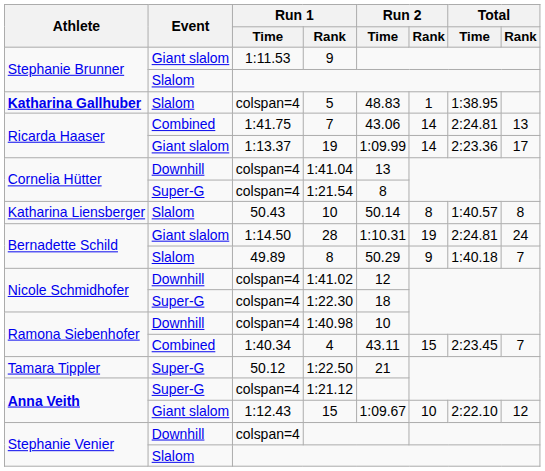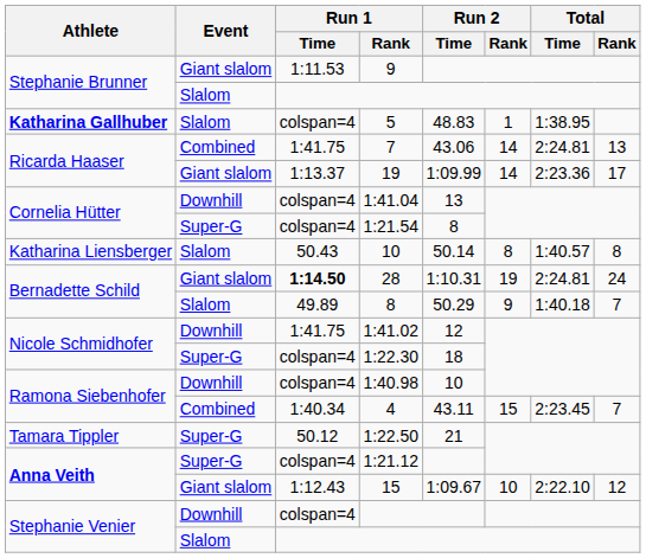 <table class="wikitable" style="font-size:90%">
 <tr>
 <th rowspan=2>Athlete</th>
 <th rowspan=2>Event</th>
 <th colspan=2>Run 1</th>
 <th colspan=2>Run 2</th>
 <th colspan=2>Total</th>
 </tr>
 <tr style="font-size:95%">
 <th>Time</th>
 <th>Rank</th>
 <th>Time</th>
 <th>Rank</th>
 <th>Time</th>
 <th>Rank</th>
 </tr>
 <tr align=center>
 <td align=left rowspan=2><a href='#'>Stephanie Brunner</a></td>
 <td align=left><a href='#'>Giant slalom</a></td>
 <td>1:11.53</td>
 <td>9</td>
 <td colspan=4></td>
 </tr>
 <tr align=center>
 <td align=left><a href='#'>Slalom</a></td>
 <td colspan=6></td>
 </tr>
 <tr align=center>
 <td align=left><strong><a href='#'>Katharina Gallhuber</a></strong></td>
 <td align=left><a href='#'>Slalom</a></td>
 <td>colspan=4 </td>
 <td>5</td>
 <td>48.83</td>
 <td>1</td>
 <td>1:38.95</td>
 <td></td>
 </tr>
 <tr align=center>
 <td align=left rowspan=2><a href='#'>Ricarda Haaser</a></td>
 <td align=left><a href='#'>Combined</a></td>
 <td>1:41.75</td>
 <td>7</td>
 <td>43.06</td>
 <td>14</td>
 <td>2:24.81</td>
 <td>13</td>
 </tr>
 <tr align=center>
 <td align=left><a href='#'>Giant slalom</a></td>
 <td>1:13.37</td>
 <td>19</td>
 <td>1:09.99</td>
 <td>14</td>
 <td>2:23.36</td>
 <td>17</td>
 </tr>
 <tr align=center>
 <td align=left rowspan=2><a href='#'>Cornelia Hütter</a></td>
 <td align=left><a href='#'>Downhill</a></td>
 <td>colspan=4 </td>
 <td>1:41.04</td>
 <td>13</td>
 </tr>
 <tr align=center>
 <td align=left><a href='#'>Super-G</a></td>
 <td>colspan=4 </td>
 <td>1:21.54</td>
 <td>8</td>
 </tr>
 <tr align=center>
 <td align=left><a href='#'>Katharina Liensberger</a></td>
 <td align=left><a href='#'>Slalom</a></td>
 <td>50.43</td>
 <td>10</td>
 <td>50.14</td>
 <td>8</td>
 <td>1:40.57</td>
 <td>8</td>
 </tr>
 <tr align=center>
 <td align=left rowspan=2><a href='#'>Bernadette Schild</a></td>
 <td align=left><a href='#'>Giant slalom</a></td>
-<td>1:14.50</td>
+<td><strong>1:14.50</strong></td>
 <td>28</td>
 <td>1:10.31</td>
 <td>19</td>
 <td>2:24.81</td>
 <td>24</td>
 </tr>
 <tr align=center>
 <td align=left><a href='#'>Slalom</a></td>
 <td>49.89</td>
 <td>8</td>
 <td>50.29</td>
 <td>9</td>
 <td>1:40.18</td>
 <td>7</td>
 </tr>
 <tr align=center>
 <td align=left rowspan=2><a href='#'>Nicole Schmidhofer</a></td>
 <td align=left><a href='#'>Downhill</a></td>
-<td>colspan=4 </td>
+<td>1:41.75</td>
 <td>1:41.02</td>
 <td>12</td>
 </tr>
 <tr align=center>
 <td align=left><a href='#'>Super-G</a></td>
 <td>colspan=4 </td>
 <td>1:22.30</td>
 <td>18</td>
 </tr>
 <tr align=center>
 <td align=left rowspan=2><a href='#'>Ramona Siebenhofer</a></td>
 <td align=left><a href='#'>Downhill</a></td>
 <td>colspan=4 </td>
 <td>1:40.98</td>
 <td>10</td>
 </tr>
 <tr align=center>
 <td align=left><a href='#'>Combined</a></td>
 <td>1:40.34</td>
 <td>4</td>
 <td>43.11</td>
 <td>15</td>
 <td>2:23.45</td>
 <td>7</td>
 </tr>
 <tr align=center>
 <td align=left><a href='#'>Tamara Tippler</a></td>
 <td align=left><a href='#'>Super-G</a></td>
 <td>50.12</td>
 <td>1:22.50</td>
 <td>21</td>
 </tr>
 <tr align=center>
 <td align=left rowspan=2><strong><a href='#'>Anna Veith</a></strong></td>
 <td align=left><a href='#'>Super-G</a></td>
 <td>colspan=4 </td>
 <td>1:21.12</td>
 <td></td>
 </tr>
 <tr align=center>
 <td align=left><a href='#'>Giant slalom</a></td>
 <td>1:12.43</td>
 <td>15</td>
 <td>1:09.67</td>
 <td>10</td>
 <td>2:22.10</td>
 <td>12</td>
 </tr>
 <tr align=center>
 <td align=left rowspan=2><a href='#'>Stephanie Venier</a></td>
 <td align=left><a href='#'>Downhill</a></td>
 <td>colspan=4 </td>
 <td colspan=2></td>
 </tr>
 <tr align=center>
 <td align=left><a href='#'>Slalom</a></td>
 <td colspan=6></td>
 </tr>
 </table>
